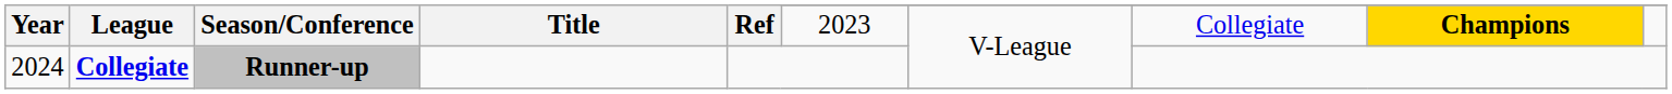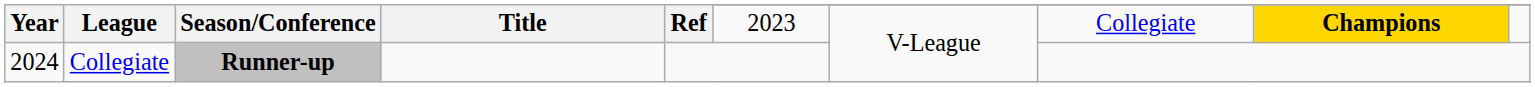 <table class="wikitable sortable" style="text-align:center" width="80%">
 <tr>
 <th style="width:5px;" rowspan="2">Year</th>
 <th style="width:25px;" rowspan="2">League</th>
 <th style="width:100px;" rowspan="2">Season/Conference</th>
 <th style="width:180px;" rowspan="2">Title</th>
 <th style="width:25px;" rowspan="2">Ref</th>
 </tr>
 <tr>
 <td>2023</td>
 <td rowspan=2>V-League</td>
 <td><a href='#'>Collegiate</a></td>
 <td style="background:gold;"><strong>Champions</strong></td>
 <td></td>
 </tr>
 <tr>
 <td>2024</td>
-<td><strong><a href='#'>Collegiate</a></strong></td>
+<td><a href='#'>Collegiate</a></td>
 <td style="background:silver;"><strong>Runner-up</strong></td>
 <td></td>
 </tr>
 </table>
